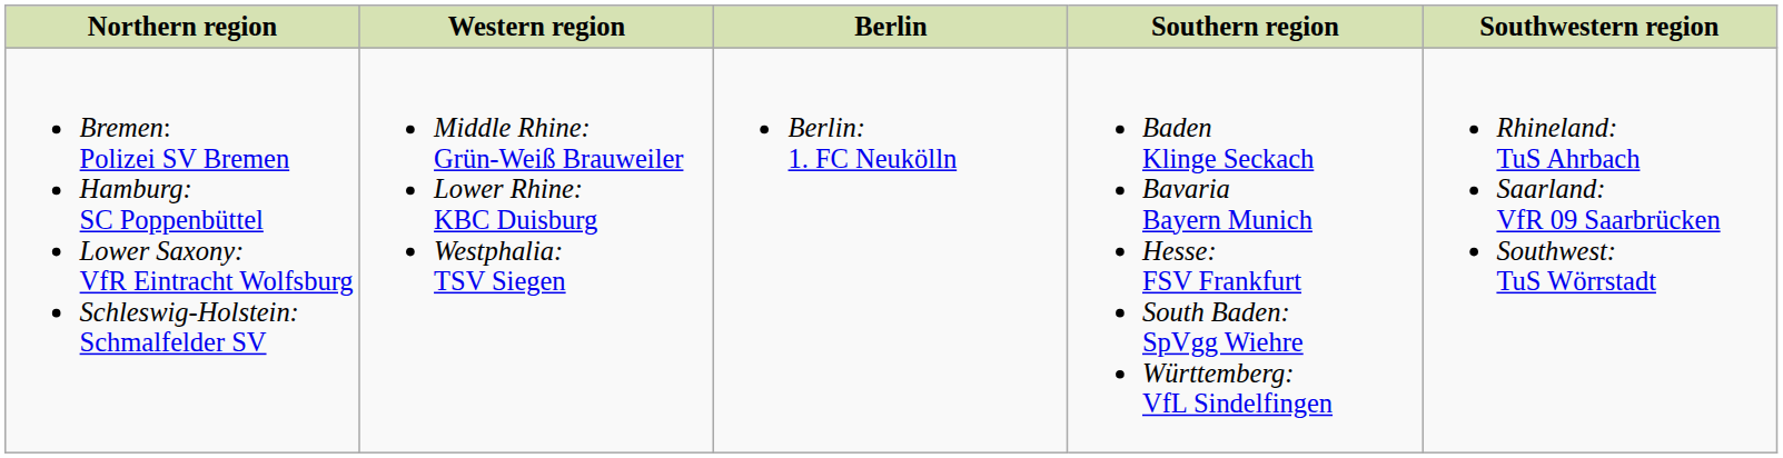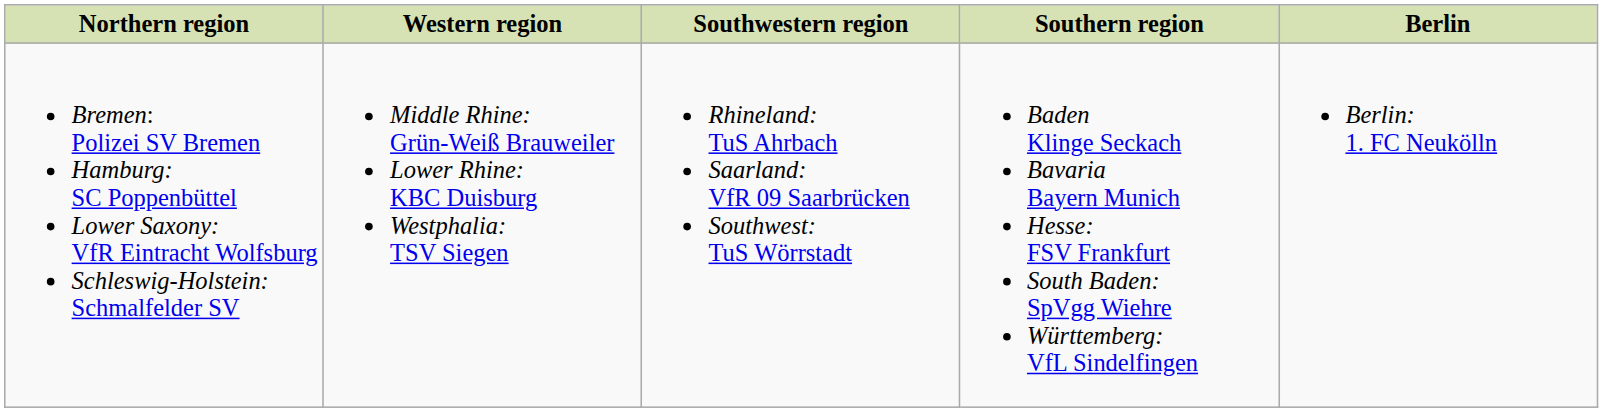 <table class="wikitable">
 <tr valign="top" style="background-color: #d6e2b3;">
 <td style="width: 20%; text-align:center;"><strong>Northern region</strong></td>
 <td style="width: 20%; text-align:center;"><strong>Western region</strong></td>
+<td style="width: 20%; text-align:center;"><strong>Southwestern region</strong></td>
+<td style="width: 20%; text-align:center;"><strong>Southern region</strong></td>
 <td style="width: 20%; text-align:center;"><strong>Berlin</strong></td>
-<td style="width: 20%; text-align:center;"><strong>Southern region</strong></td>
-<td style="width: 20%; text-align:center;"><strong>Southwestern region</strong></td>
 </tr>
 <tr valign="top">
 <td><br><ul><li><em>Bremen</em>:<br><a href='#'>Polizei SV Bremen</a></li><li><em>Hamburg:</em><br><a href='#'>SC Poppenbüttel</a></li><li><em>Lower Saxony:</em><br><a href='#'>VfR Eintracht Wolfsburg</a></li><li><em>Schleswig-Holstein:</em><br><a href='#'>Schmalfelder SV</a></li></ul></td>
 <td><br><ul><li><em>Middle Rhine:</em><br><a href='#'>Grün-Weiß Brauweiler</a></li><li><em>Lower Rhine:</em><br><a href='#'>KBC Duisburg</a></li><li><em>Westphalia:</em><br><a href='#'>TSV Siegen</a></li></ul></td>
+<td><br><ul><li><em>Rhineland:</em><br><a href='#'>TuS Ahrbach</a></li><li><em>Saarland:</em> <br><a href='#'>VfR 09 Saarbrücken</a></li><li><em>Southwest:</em><br><a href='#'>TuS Wörrstadt</a></li></ul></td>
+<td><br><ul><li><em>Baden</em><br><a href='#'>Klinge Seckach</a></li><li><em>Bavaria</em><br><a href='#'>Bayern Munich</a></li><li><em>Hesse:</em><br><a href='#'>FSV Frankfurt</a></li><li><em>South Baden:</em><br><a href='#'>SpVgg Wiehre</a></li><li><em>Württemberg:</em><br><a href='#'>VfL Sindelfingen</a></li></ul></td>
 <td><br><ul><li><em>Berlin:</em><br><a href='#'>1. FC Neukölln</a></li></ul></td>
-<td><br><ul><li><em>Baden</em><br><a href='#'>Klinge Seckach</a></li><li><em>Bavaria</em><br><a href='#'>Bayern Munich</a></li><li><em>Hesse:</em><br><a href='#'>FSV Frankfurt</a></li><li><em>South Baden:</em><br><a href='#'>SpVgg Wiehre</a></li><li><em>Württemberg:</em><br><a href='#'>VfL Sindelfingen</a></li></ul></td>
-<td><br><ul><li><em>Rhineland:</em><br><a href='#'>TuS Ahrbach</a></li><li><em>Saarland:</em> <br><a href='#'>VfR 09 Saarbrücken</a></li><li><em>Southwest:</em><br><a href='#'>TuS Wörrstadt</a></li></ul></td>
 </tr>
 </table>
